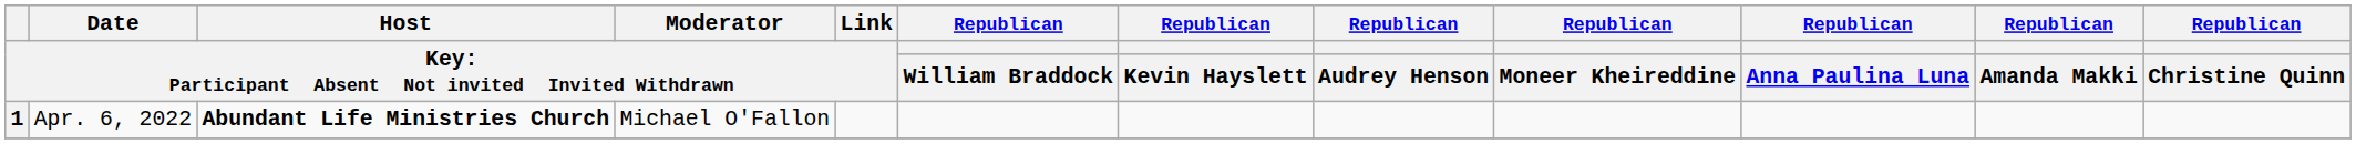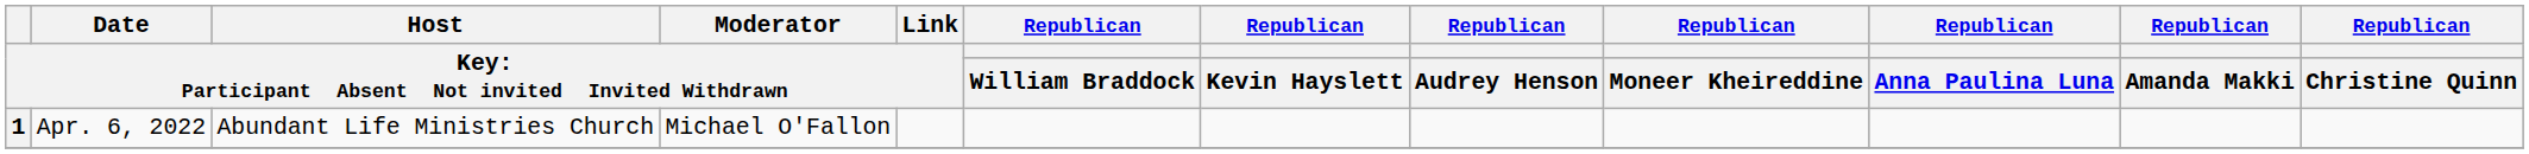 <table class="wikitable" style="text-align:center;">
 <tr>
 <th scope="col"></th>
 <th scope="col">Date</th>
 <th scope="col">Host</th>
 <th scope="col">Moderator</th>
 <th scope="col">Link</th>
 <th scope="col"><small><a href='#'>Republican</a></small></th>
 <th scope="col"><small><a href='#'>Republican</a></small></th>
 <th scope="col"><small><a href='#'>Republican</a></small></th>
 <th scope="col"><small><a href='#'>Republican</a></small></th>
 <th scope="col"><small><a href='#'>Republican</a></small></th>
 <th scope="col"><small><a href='#'>Republican</a></small></th>
 <th scope="col"><small><a href='#'>Republican</a></small></th>
 </tr>
 <tr>
 <th colspan="5" rowspan="2">Key:<br> <small>Participant </small>  <small>Absent </small>  <small>Not invited </small>  <small>Invited  Withdrawn</small></th>
 <th scope="col" style="background:"></th>
 <th scope="col" style="background:"></th>
 <th scope="col" style="background:"></th>
 <th scope="col" style="background:"></th>
 <th scope="col" style="background:"></th>
 <th scope="col" style="background:"></th>
 <th scope="col" style="background:"></th>
 </tr>
 <tr>
 <th scope="col">William Braddock</th>
 <th scope="col">Kevin Hayslett</th>
 <th scope="col">Audrey Henson</th>
 <th scope="col">Moneer Kheireddine</th>
 <th scope="col"><a href='#'>Anna Paulina Luna</a></th>
 <th scope="col">Amanda Makki</th>
 <th scope="col">Christine Quinn</th>
 </tr>
 <tr>
 <th>1</th>
 <td style="white-space:nowrap;">Apr. 6, 2022</td>
-<td style="white-space:nowrap;"><strong>Abundant Life Ministries Church</strong></td>
+<td style="white-space:nowrap;">Abundant Life Ministries Church</td>
 <td style="white-space:nowrap;">Michael O'Fallon</td>
 <td style="white-space:nowrap;"></td>
 <td></td>
 <td></td>
 <td></td>
 <td></td>
 <td></td>
 <td></td>
 <td></td>
 </tr>
 <tr>
 </tr>
 </table>
